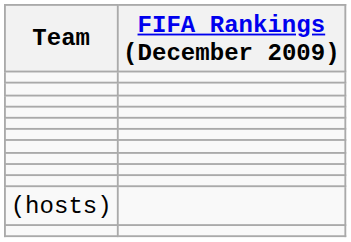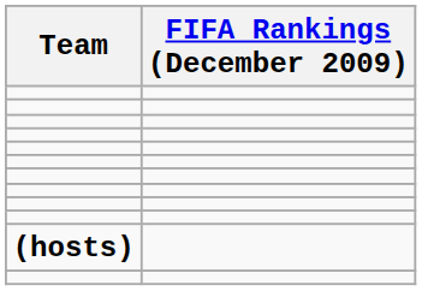 <table class="wikitable sortable" style="text-align: left;">
 <tr>
 <th>Team</th>
 <th><a href='#'>FIFA Rankings</a><br>(December 2009)</th>
 </tr>
 <tr>
 <td></td>
 <td></td>
 </tr>
 <tr>
 <td></td>
 <td></td>
 </tr>
 <tr>
 <td></td>
 <td></td>
 </tr>
 <tr>
 <td></td>
 <td></td>
 </tr>
 <tr>
 <td></td>
 <td></td>
 </tr>
 <tr>
 <td></td>
 <td></td>
 </tr>
 <tr>
 <td></td>
 <td></td>
 </tr>
 <tr>
 <td></td>
 <td></td>
 </tr>
 <tr>
 <td></td>
 <td></td>
 </tr>
 <tr>
 <td></td>
 <td></td>
 </tr>
 <tr>
-<td> (hosts)</td>
+<td><strong> (hosts)</strong></td>
 <td></td>
 </tr>
 <tr>
 <td></td>
 <td></td>
 </tr>
 </table>
